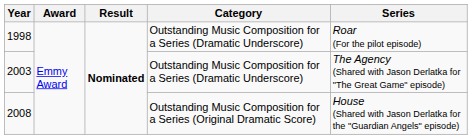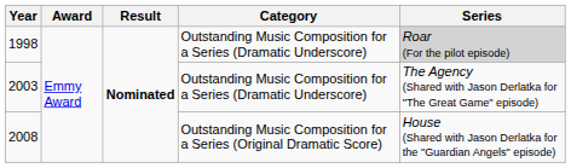 <table class="wikitable" style="font-size: 90%;">
 <tr>
 <th>Year</th>
 <th>Award</th>
 <th>Result</th>
 <th>Category</th>
 <th>Series</th>
 </tr>
 <tr>
 <td>1998</td>
 <td rowspan=3><a href='#'>Emmy Award</a></td>
 <td rowspan=3><strong>Nominated</strong></td>
 <td>Outstanding Music Composition for a Series (Dramatic Underscore)</td>
-<td><em>Roar</em><br><small>(For the pilot episode)</small></td>
+<td style="background: lightgrey;"><em>Roar</em><br><small>(For the pilot episode)</small></td>
 </tr>
 <tr>
 <td>2003</td>
 <td>Outstanding Music Composition for a Series (Dramatic Underscore)</td>
 <td><em>The Agency</em><br><small>(Shared with Jason Derlatka for "The Great Game" episode)</small></td>
 </tr>
 <tr>
 <td>2008</td>
 <td>Outstanding Music Composition for a Series (Original Dramatic Score)</td>
 <td><em>House</em><br><small>(Shared with Jason Derlatka for the "Guardian Angels" episode)</small></td>
 </tr>
 </table>
